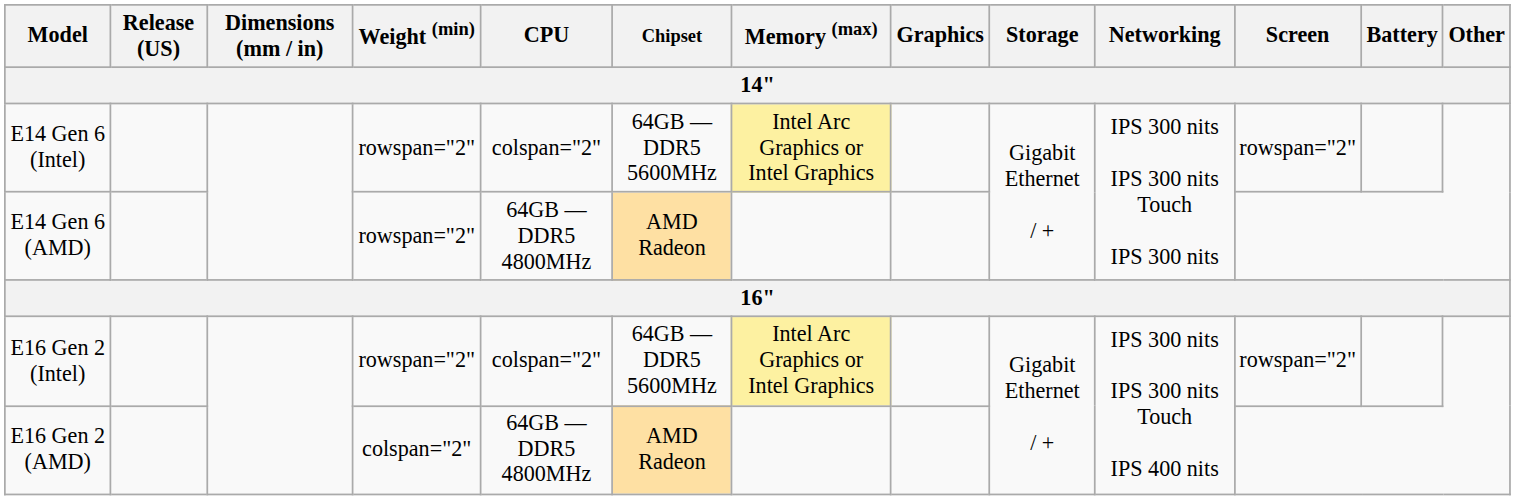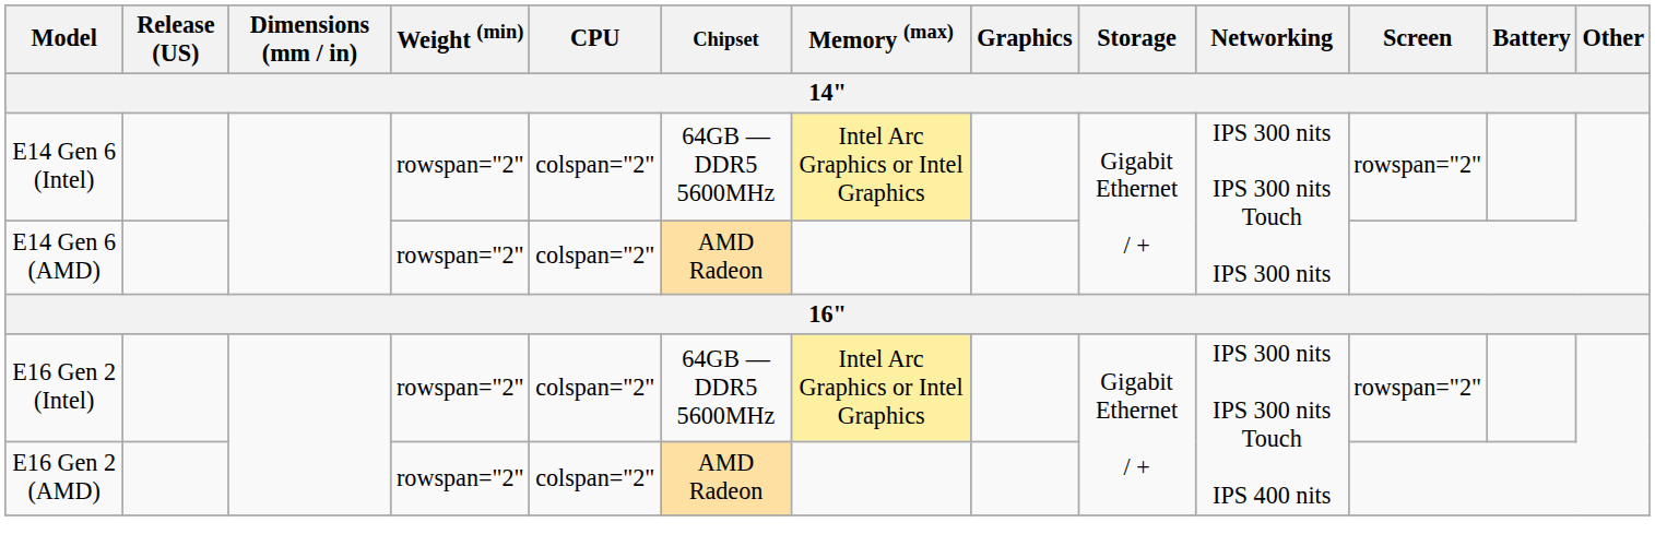 <table class="wikitable" style="font-size: 80%; text-align: center; min-width: 80%;">
 <tr>
 <th>Model</th>
 <th>Release (US)</th>
 <th>Dimensions (mm / in)</th>
 <th>Weight <sup>(min)</sup></th>
 <th>CPU</th>
 <th><small>Chipset</small></th>
 <th>Memory <sup>(max)</sup></th>
 <th>Graphics</th>
 <th>Storage</th>
 <th>Networking</th>
 <th>Screen</th>
 <th>Battery</th>
 <th>Other</th>
 </tr>
 <tr>
 <th colspan="13">14"</th>
 </tr>
 <tr>
 <td>E14 Gen 6<br>(Intel)</td>
 <td></td>
 <td rowspan="2"></td>
 <td>rowspan="2" </td>
 <td>colspan="2" </td>
 <td style="background:">64GB — <br> DDR5 5600MHz<br> </td>
 <td style="background:#fdf1a1;">Intel Arc Graphics  or Intel Graphics</td>
 <td></td>
 <td rowspan="2">Gigabit Ethernet<br><br> /  +  <br><small> </small></td>
 <td rowspan="2" style="background:"> IPS 300 nits<br> <br> IPS 300 nits Touch<br> <br> IPS 300 nits<br></td>
 <td>rowspan="2" </td>
 <td><br></td>
 </tr>
 <tr>
 <td>E14 Gen 6 (AMD)</td>
 <td></td>
 <td>rowspan="2" </td>
-<td style="background:">64GB — <br>DDR5 4800MHz<br></td>
+<td>colspan="2" </td>
 <td style="background:#fee0a3;">AMD Radeon</td>
 <td></td>
 <td><br></td>
 </tr>
 <tr>
 <th colspan="13">16"</th>
 </tr>
 <tr>
 <td>E16 Gen 2<br>(Intel)</td>
 <td></td>
 <td rowspan="2"></td>
 <td>rowspan="2" </td>
 <td>colspan="2" </td>
 <td style="background:">64GB — <br>DDR5 5600MHz<br></td>
 <td style="background:#fdf1a1;">Intel Arc Graphics  or Intel Graphics</td>
 <td></td>
 <td rowspan="2">Gigabit Ethernet<br><br> /  +  <br><small></small></td>
 <td rowspan="2" style="background:"> IPS 300 nits<br><br> IPS 300 nits Touch<br><br> IPS 400 nits<br></td>
 <td>rowspan="2" </td>
 <td><br></td>
 </tr>
 <tr>
 <td>E16 Gen 2 (AMD)</td>
 <td></td>
+<td>rowspan="2" </td>
 <td>colspan="2" </td>
-<td style="background:">64GB — <br>DDR5 4800MHz<br></td>
 <td style="background:#fee0a3;">AMD Radeon</td>
 <td></td>
 <td><br></td>
 </tr>
 </table>
